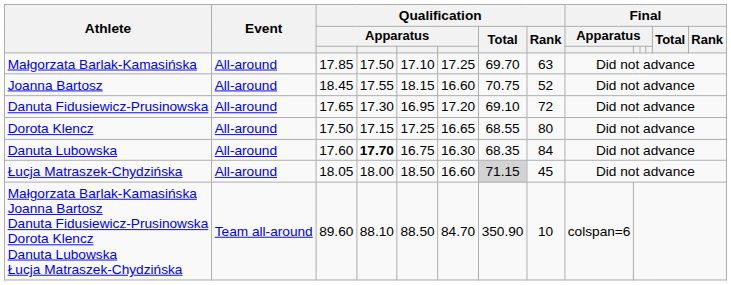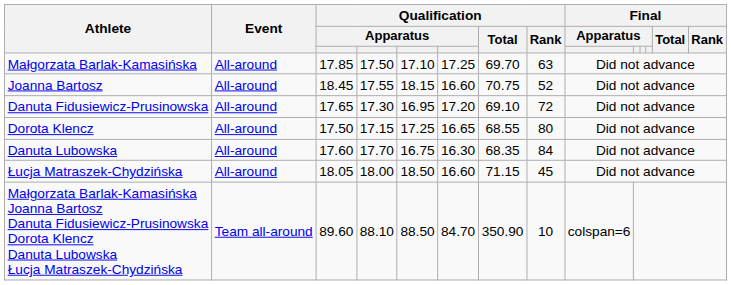 <table class="wikitable" style="font-size:90%">
 <tr>
 <th rowspan="3">Athlete</th>
 <th rowspan="3">Event</th>
 <th colspan =6>Qualification</th>
 <th colspan =6>Final</th>
 </tr>
 <tr style="font-size:95%">
 <th colspan=4>Apparatus</th>
 <th rowspan=2>Total</th>
 <th rowspan=2>Rank</th>
 <th colspan=4>Apparatus</th>
 <th rowspan=2>Total</th>
 <th rowspan=2>Rank</th>
 </tr>
 <tr style="font-size:95%">
 <th></th>
 <th></th>
 <th></th>
 <th></th>
 <th></th>
 <th></th>
 <th></th>
 <th></th>
 </tr>
 <tr align=center>
 <td align=left><a href='#'>Małgorzata Barlak-Kamasińska</a></td>
 <td align=left><a href='#'>All-around</a></td>
 <td>17.85</td>
 <td>17.50</td>
 <td>17.10</td>
 <td>17.25</td>
 <td>69.70</td>
 <td>63</td>
 <td colspan=6>Did not advance</td>
 </tr>
 <tr align=center>
 <td align=left><a href='#'>Joanna Bartosz</a></td>
 <td align=left><a href='#'>All-around</a></td>
 <td>18.45</td>
 <td>17.55</td>
 <td>18.15</td>
 <td>16.60</td>
 <td>70.75</td>
 <td>52</td>
 <td colspan=6>Did not advance</td>
 </tr>
 <tr align=center>
 <td align=left><a href='#'>Danuta Fidusiewicz-Prusinowska</a></td>
 <td align=left><a href='#'>All-around</a></td>
 <td>17.65</td>
 <td>17.30</td>
 <td>16.95</td>
 <td>17.20</td>
 <td>69.10</td>
 <td>72</td>
 <td colspan=6>Did not advance</td>
 </tr>
 <tr align=center>
 <td align=left><a href='#'>Dorota Klencz</a></td>
 <td align=left><a href='#'>All-around</a></td>
 <td>17.50</td>
 <td>17.15</td>
 <td>17.25</td>
 <td>16.65</td>
 <td>68.55</td>
 <td>80</td>
 <td colspan=6>Did not advance</td>
 </tr>
 <tr align=center>
 <td align=left><a href='#'>Danuta Lubowska</a></td>
 <td align=left><a href='#'>All-around</a></td>
 <td>17.60</td>
-<td><strong>17.70</strong></td>
+<td>17.70</td>
 <td>16.75</td>
 <td>16.30</td>
 <td>68.35</td>
 <td>84</td>
 <td colspan=6>Did not advance</td>
 </tr>
 <tr align=center>
 <td align=left><a href='#'>Łucja Matraszek-Chydzińska</a></td>
 <td align=left><a href='#'>All-around</a></td>
 <td>18.05</td>
 <td>18.00</td>
 <td>18.50</td>
 <td>16.60</td>
-<td style="background: lightgrey;">71.15</td>
+<td>71.15</td>
 <td>45</td>
 <td colspan=6>Did not advance</td>
 </tr>
 <tr align=center>
 <td align=left><a href='#'>Małgorzata Barlak-Kamasińska</a><br><a href='#'>Joanna Bartosz</a><br><a href='#'>Danuta Fidusiewicz-Prusinowska</a><br><a href='#'>Dorota Klencz</a><br><a href='#'>Danuta Lubowska</a><br><a href='#'>Łucja Matraszek-Chydzińska</a></td>
 <td align=left><a href='#'>Team all-around</a></td>
 <td>89.60</td>
 <td>88.10</td>
 <td>88.50</td>
 <td>84.70</td>
 <td>350.90</td>
 <td>10</td>
 <td>colspan=6 </td>
 </tr>
 </table>
